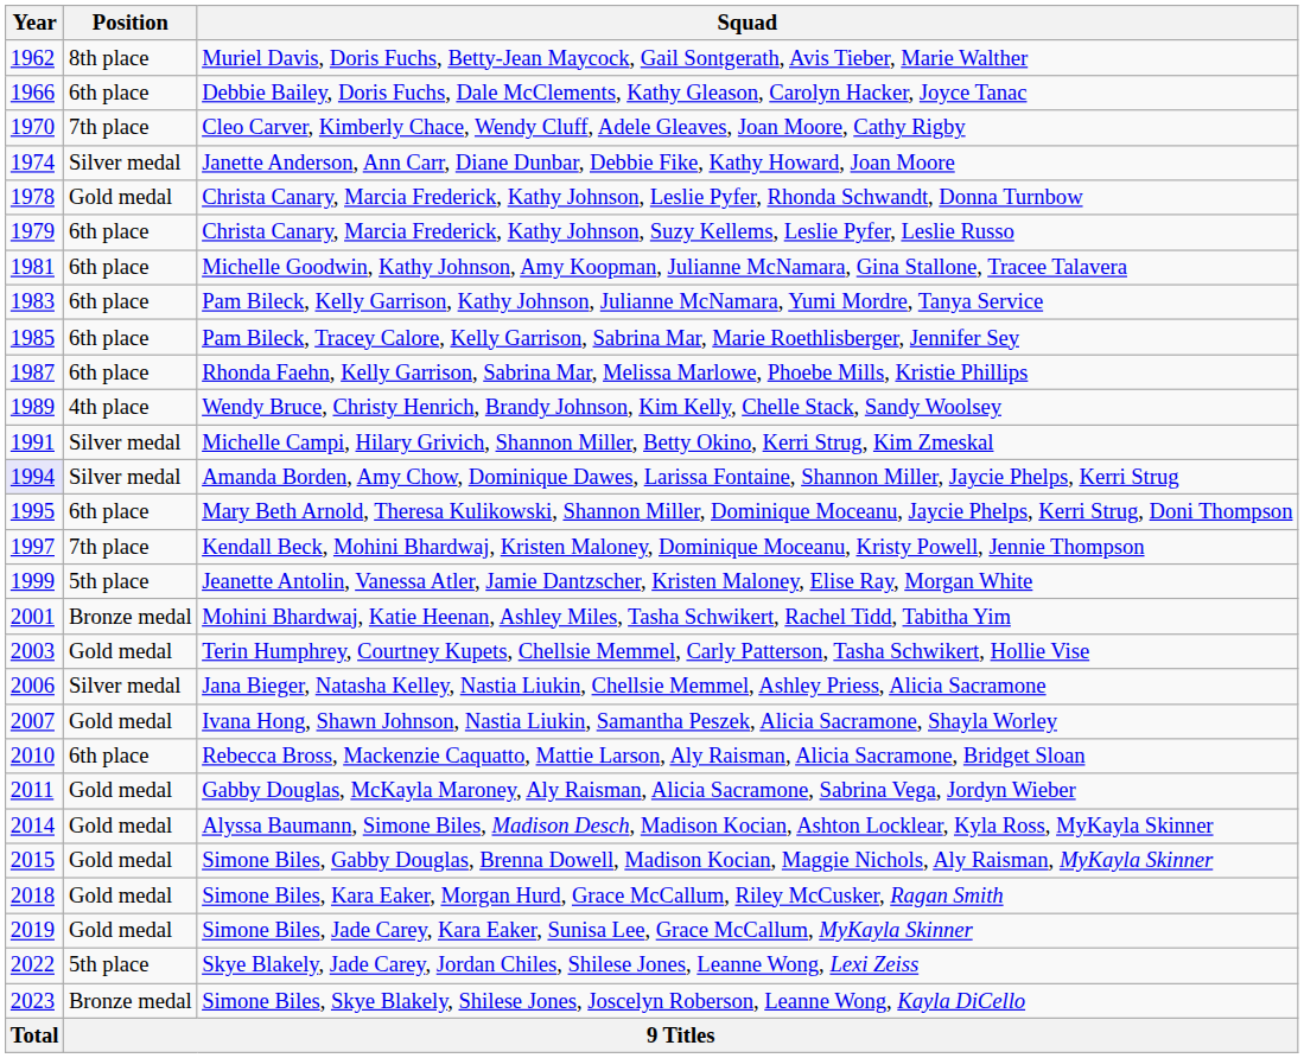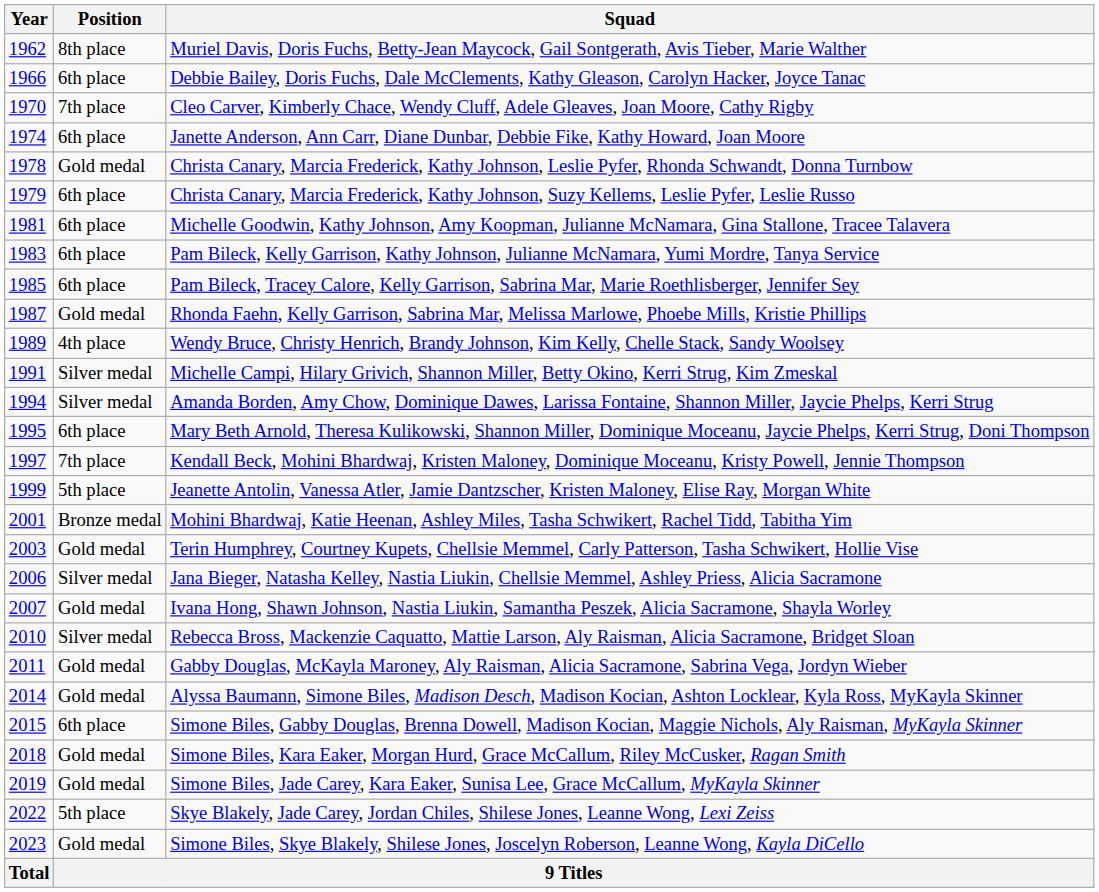 <table class="wikitable style="text-align: center;">
 <tr>
 <th>Year</th>
 <th>Position</th>
 <th>Squad</th>
 </tr>
 <tr style="text-align:left;">
 <td><a href='#'>1962</a></td>
 <td>8th place</td>
 <td><a href='#'>Muriel Davis</a>, <a href='#'>Doris Fuchs</a>, <a href='#'>Betty-Jean Maycock</a>, <a href='#'>Gail Sontgerath</a>, <a href='#'>Avis Tieber</a>, <a href='#'>Marie Walther</a></td>
 </tr>
 <tr style="text-align:left;">
 <td><a href='#'>1966</a></td>
 <td>6th place</td>
 <td><a href='#'>Debbie Bailey</a>, <a href='#'>Doris Fuchs</a>, <a href='#'>Dale McClements</a>, <a href='#'>Kathy Gleason</a>, <a href='#'>Carolyn Hacker</a>, <a href='#'>Joyce Tanac</a></td>
 </tr>
 <tr style="text-align:left;">
 <td><a href='#'>1970</a></td>
 <td>7th place</td>
 <td><a href='#'>Cleo Carver</a>, <a href='#'>Kimberly Chace</a>, <a href='#'>Wendy Cluff</a>, <a href='#'>Adele Gleaves</a>, <a href='#'>Joan Moore</a>, <a href='#'>Cathy Rigby</a></td>
 </tr>
 <tr style="text-align:left;">
 <td><a href='#'>1974</a></td>
-<td> Silver medal</td>
+<td>6th place</td>
 <td><a href='#'>Janette Anderson</a>, <a href='#'>Ann Carr</a>, <a href='#'>Diane Dunbar</a>, <a href='#'>Debbie Fike</a>, <a href='#'>Kathy Howard</a>, <a href='#'>Joan Moore</a></td>
 </tr>
 <tr style="text-align:left;">
 <td><a href='#'>1978</a></td>
 <td> Gold medal</td>
 <td><a href='#'>Christa Canary</a>, <a href='#'>Marcia Frederick</a>, <a href='#'>Kathy Johnson</a>, <a href='#'>Leslie Pyfer</a>, <a href='#'>Rhonda Schwandt</a>, <a href='#'>Donna Turnbow</a></td>
 </tr>
 <tr style="text-align:left;">
 <td><a href='#'>1979</a></td>
 <td>6th place</td>
 <td><a href='#'>Christa Canary</a>, <a href='#'>Marcia Frederick</a>, <a href='#'>Kathy Johnson</a>, <a href='#'>Suzy Kellems</a>, <a href='#'>Leslie Pyfer</a>, <a href='#'>Leslie Russo</a></td>
 </tr>
 <tr style="text-align:left;">
 <td><a href='#'>1981</a></td>
 <td>6th place</td>
 <td><a href='#'>Michelle Goodwin</a>, <a href='#'>Kathy Johnson</a>, <a href='#'>Amy Koopman</a>, <a href='#'>Julianne McNamara</a>, <a href='#'>Gina Stallone</a>, <a href='#'>Tracee Talavera</a></td>
 </tr>
 <tr style="text-align:left;">
 <td><a href='#'>1983</a></td>
 <td>6th place</td>
 <td><a href='#'>Pam Bileck</a>, <a href='#'>Kelly Garrison</a>, <a href='#'>Kathy Johnson</a>, <a href='#'>Julianne McNamara</a>, <a href='#'>Yumi Mordre</a>, <a href='#'>Tanya Service</a></td>
 </tr>
 <tr style="text-align:left;">
 <td><a href='#'>1985</a></td>
 <td>6th place</td>
 <td><a href='#'>Pam Bileck</a>, <a href='#'>Tracey Calore</a>, <a href='#'>Kelly Garrison</a>, <a href='#'>Sabrina Mar</a>, <a href='#'>Marie Roethlisberger</a>, <a href='#'>Jennifer Sey</a></td>
 </tr>
 <tr style="text-align:left;">
 <td><a href='#'>1987</a></td>
-<td>6th place</td>
+<td> Gold medal</td>
 <td><a href='#'>Rhonda Faehn</a>, <a href='#'>Kelly Garrison</a>, <a href='#'>Sabrina Mar</a>, <a href='#'>Melissa Marlowe</a>, <a href='#'>Phoebe Mills</a>, <a href='#'>Kristie Phillips</a></td>
 </tr>
 <tr style="text-align:left;">
 <td><a href='#'>1989</a></td>
 <td>4th place</td>
 <td><a href='#'>Wendy Bruce</a>, <a href='#'>Christy Henrich</a>, <a href='#'>Brandy Johnson</a>, <a href='#'>Kim Kelly</a>, <a href='#'>Chelle Stack</a>, <a href='#'>Sandy Woolsey</a></td>
 </tr>
 <tr style="text-align:left;">
 <td><a href='#'>1991</a></td>
 <td> Silver medal</td>
 <td><a href='#'>Michelle Campi</a>, <a href='#'>Hilary Grivich</a>, <a href='#'>Shannon Miller</a>, <a href='#'>Betty Okino</a>, <a href='#'>Kerri Strug</a>, <a href='#'>Kim Zmeskal</a></td>
 </tr>
 <tr style="text-align:left;">
-<td style="background: lavender;"><a href='#'>1994</a></td>
+<td><a href='#'>1994</a></td>
 <td> Silver medal</td>
 <td><a href='#'>Amanda Borden</a>, <a href='#'>Amy Chow</a>, <a href='#'>Dominique Dawes</a>, <a href='#'>Larissa Fontaine</a>, <a href='#'>Shannon Miller</a>, <a href='#'>Jaycie Phelps</a>, <a href='#'>Kerri Strug</a></td>
 </tr>
 <tr style="text-align:left;">
 <td><a href='#'>1995</a></td>
 <td>6th place</td>
 <td><a href='#'>Mary Beth Arnold</a>, <a href='#'>Theresa Kulikowski</a>, <a href='#'>Shannon Miller</a>, <a href='#'>Dominique Moceanu</a>, <a href='#'>Jaycie Phelps</a>, <a href='#'>Kerri Strug</a>, <a href='#'>Doni Thompson</a></td>
 </tr>
 <tr style="text-align:left;">
 <td><a href='#'>1997</a></td>
 <td>7th place</td>
 <td><a href='#'>Kendall Beck</a>, <a href='#'>Mohini Bhardwaj</a>, <a href='#'>Kristen Maloney</a>, <a href='#'>Dominique Moceanu</a>, <a href='#'>Kristy Powell</a>, <a href='#'>Jennie Thompson</a></td>
 </tr>
 <tr style="text-align:left;">
 <td><a href='#'>1999</a></td>
 <td>5th place</td>
 <td><a href='#'>Jeanette Antolin</a>, <a href='#'>Vanessa Atler</a>, <a href='#'>Jamie Dantzscher</a>, <a href='#'>Kristen Maloney</a>, <a href='#'>Elise Ray</a>, <a href='#'>Morgan White</a></td>
 </tr>
 <tr style="text-align:left;">
 <td><a href='#'>2001</a></td>
 <td> Bronze medal</td>
 <td><a href='#'>Mohini Bhardwaj</a>, <a href='#'>Katie Heenan</a>, <a href='#'>Ashley Miles</a>, <a href='#'>Tasha Schwikert</a>, <a href='#'>Rachel Tidd</a>, <a href='#'>Tabitha Yim</a></td>
 </tr>
 <tr style="text-align:left;">
 <td><a href='#'>2003</a></td>
 <td> Gold medal</td>
 <td><a href='#'>Terin Humphrey</a>, <a href='#'>Courtney Kupets</a>, <a href='#'>Chellsie Memmel</a>, <a href='#'>Carly Patterson</a>, <a href='#'>Tasha Schwikert</a>, <a href='#'>Hollie Vise</a></td>
 </tr>
 <tr style="text-align:left;">
 <td><a href='#'>2006</a></td>
 <td> Silver medal</td>
 <td><a href='#'>Jana Bieger</a>, <a href='#'>Natasha Kelley</a>, <a href='#'>Nastia Liukin</a>, <a href='#'>Chellsie Memmel</a>, <a href='#'>Ashley Priess</a>, <a href='#'>Alicia Sacramone</a></td>
 </tr>
 <tr style="text-align:left;">
 <td><a href='#'>2007</a></td>
 <td> Gold medal</td>
 <td><a href='#'>Ivana Hong</a>, <a href='#'>Shawn Johnson</a>, <a href='#'>Nastia Liukin</a>, <a href='#'>Samantha Peszek</a>, <a href='#'>Alicia Sacramone</a>, <a href='#'>Shayla Worley</a></td>
 </tr>
 <tr style="text-align:left;">
 <td><a href='#'>2010</a></td>
-<td>6th place</td>
+<td> Silver medal</td>
 <td><a href='#'>Rebecca Bross</a>, <a href='#'>Mackenzie Caquatto</a>, <a href='#'>Mattie Larson</a>, <a href='#'>Aly Raisman</a>, <a href='#'>Alicia Sacramone</a>, <a href='#'>Bridget Sloan</a></td>
 </tr>
 <tr style="text-align:left;">
 <td><a href='#'>2011</a></td>
 <td> Gold medal</td>
 <td><a href='#'>Gabby Douglas</a>, <a href='#'>McKayla Maroney</a>, <a href='#'>Aly Raisman</a>, <a href='#'>Alicia Sacramone</a>, <a href='#'>Sabrina Vega</a>, <a href='#'>Jordyn Wieber</a></td>
 </tr>
 <tr style="text-align:left;">
 <td><a href='#'>2014</a></td>
 <td> Gold medal</td>
 <td><a href='#'>Alyssa Baumann</a>, <a href='#'>Simone Biles</a>, <em><a href='#'>Madison Desch</a></em>, <a href='#'>Madison Kocian</a>, <a href='#'>Ashton Locklear</a>, <a href='#'>Kyla Ross</a>, <a href='#'>MyKayla Skinner</a></td>
 </tr>
 <tr style="text-align:left;">
 <td><a href='#'>2015</a></td>
-<td> Gold medal</td>
+<td>6th place</td>
 <td><a href='#'>Simone Biles</a>, <a href='#'>Gabby Douglas</a>, <a href='#'>Brenna Dowell</a>, <a href='#'>Madison Kocian</a>, <a href='#'>Maggie Nichols</a>, <a href='#'>Aly Raisman</a>, <em><a href='#'>MyKayla Skinner</a></em></td>
 </tr>
 <tr style="text-align:left;">
 <td><a href='#'>2018</a></td>
 <td> Gold medal</td>
 <td><a href='#'>Simone Biles</a>, <a href='#'>Kara Eaker</a>, <a href='#'>Morgan Hurd</a>, <a href='#'>Grace McCallum</a>, <a href='#'>Riley McCusker</a>, <em><a href='#'>Ragan Smith</a></em></td>
 </tr>
 <tr style="text-align:left;">
 <td><a href='#'>2019</a></td>
 <td> Gold medal</td>
 <td><a href='#'>Simone Biles</a>, <a href='#'>Jade Carey</a>, <a href='#'>Kara Eaker</a>, <a href='#'>Sunisa Lee</a>, <a href='#'>Grace McCallum</a>, <em><a href='#'>MyKayla Skinner</a></em></td>
 </tr>
 <tr style="text-align:left;">
 <td><a href='#'>2022</a></td>
 <td>5th place</td>
 <td><a href='#'>Skye Blakely</a>, <a href='#'>Jade Carey</a>, <a href='#'>Jordan Chiles</a>, <a href='#'>Shilese Jones</a>, <a href='#'>Leanne Wong</a>, <em><a href='#'>Lexi Zeiss</a></em></td>
 </tr>
 <tr style="text-align:left;">
 <td><a href='#'>2023</a></td>
-<td> Bronze medal</td>
+<td> Gold medal</td>
 <td><a href='#'>Simone Biles</a>, <a href='#'>Skye Blakely</a>, <a href='#'>Shilese Jones</a>, <a href='#'>Joscelyn Roberson</a>, <a href='#'>Leanne Wong</a>, <em><a href='#'>Kayla DiCello</a></em></td>
 </tr>
 <tr>
 <th>Total</th>
 <th colspan="2">9 Titles</th>
 </tr>
 </table>
